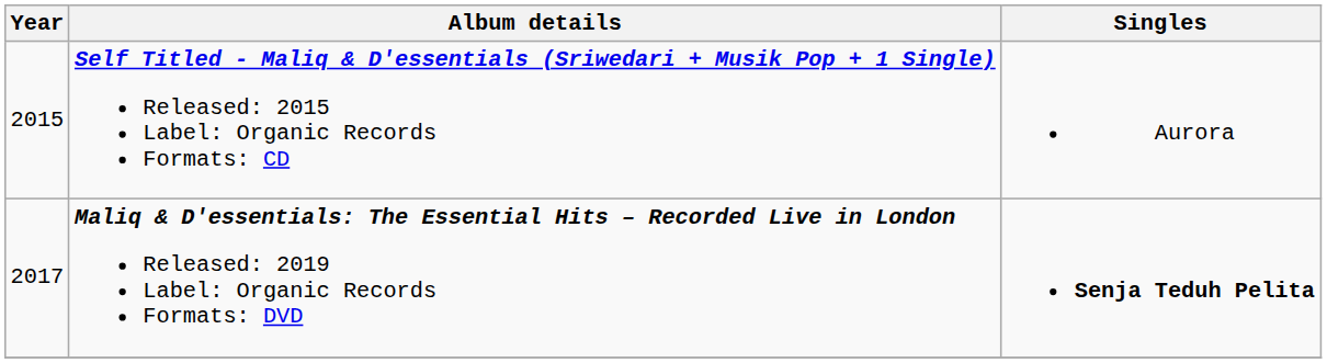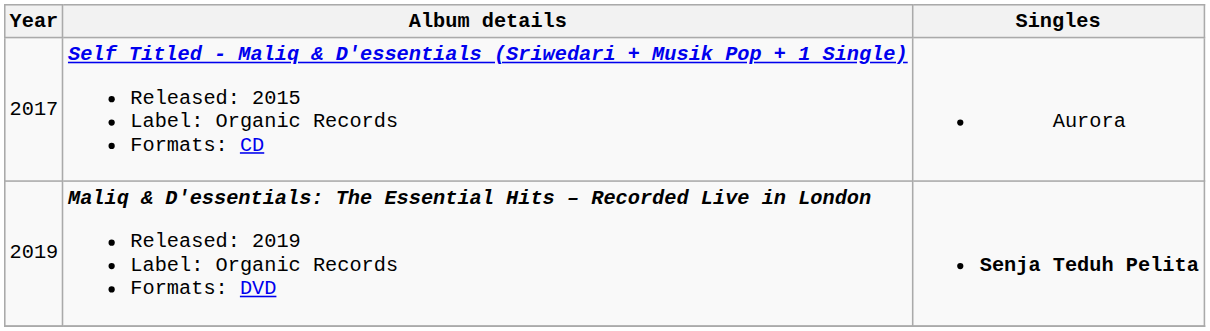 <table class="wikitable" style="text-align:center">
 <tr>
 <th rowspan="1">Year</th>
 <th rowspan="1">Album details</th>
 <th rowspan="1">Singles</th>
 </tr>
 <tr>
-<td>2015</td>
+<td>2017</td>
 <td align="left"><strong><em><a href='#'>Self Titled - Maliq & D'essentials (Sriwedari + Musik Pop + 1 Single)</a></em></strong><br><ul><li>Released: 2015</li><li>Label: Organic Records</li><li>Formats: <a href='#'>CD</a></li></ul></td>
 <td><br><ul><li>Aurora</li></ul></td>
 </tr>
 <tr>
-<td>2017</td>
+<td>2019</td>
 <td align="left"><strong><em>Maliq & D'essentials: The Essential Hits – Recorded Live in London</em></strong><br><ul><li>Released: 2019</li><li>Label: Organic Records</li><li>Formats: <a href='#'>DVD</a></li></ul></td>
 <td><strong><br><ul><li>Senja Teduh Pelita</li></ul></strong></td>
 </tr>
 <tr>
 </tr>
 </table>
